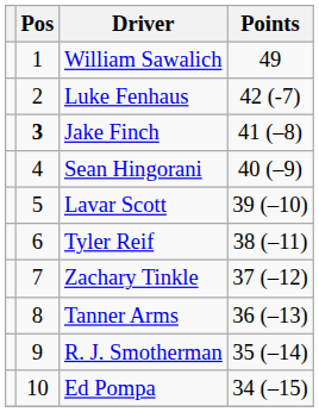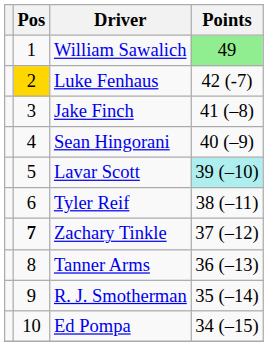 <table class="wikitable" style="font-size: 95%;">
 <tr>
 <th></th>
 <th>Pos</th>
 <th>Driver</th>
 <th>Points</th>
 </tr>
 <tr>
 <td align="left"></td>
 <td style="text-align:center;">1</td>
 <td><a href='#'>William Sawalich</a></td>
-<td style="text-align:center;">49</td>
+<td style="background: lightgreen; text-align:center;">49</td>
 </tr>
 <tr>
 <td align="left"></td>
-<td style="text-align:center;">2</td>
+<td style="background: gold; text-align:center;">2</td>
 <td><a href='#'>Luke Fenhaus</a></td>
 <td style="text-align:center;">42 (-7)</td>
 </tr>
 <tr>
 <td align="left"></td>
-<td style="text-align:center;"><strong>3</strong></td>
+<td style="text-align:center;">3</td>
 <td><a href='#'>Jake Finch</a></td>
 <td style="text-align:center;">41 (–8)</td>
 </tr>
 <tr>
 <td align="left"></td>
 <td style="text-align:center;">4</td>
 <td><a href='#'>Sean Hingorani</a></td>
 <td style="text-align:center;">40 (–9)</td>
 </tr>
 <tr>
 <td align="left"></td>
 <td style="text-align:center;">5</td>
 <td><a href='#'>Lavar Scott</a></td>
-<td style="text-align:center;">39 (–10)</td>
+<td style="background: paleturquoise; text-align:center;">39 (–10)</td>
 </tr>
 <tr>
 <td align="left"></td>
 <td style="text-align:center;">6</td>
 <td><a href='#'>Tyler Reif</a></td>
 <td style="text-align:center;">38 (–11)</td>
 </tr>
 <tr>
 <td align="left"></td>
-<td style="text-align:center;">7</td>
+<td style="text-align:center;"><strong>7</strong></td>
 <td><a href='#'>Zachary Tinkle</a></td>
 <td style="text-align:center;">37 (–12)</td>
 </tr>
 <tr>
 <td align="left"></td>
 <td style="text-align:center;">8</td>
 <td><a href='#'>Tanner Arms</a></td>
 <td style="text-align:center;">36 (–13)</td>
 </tr>
 <tr>
 <td align="left"></td>
 <td style="text-align:center;">9</td>
 <td><a href='#'>R. J. Smotherman</a></td>
 <td style="text-align:center;">35 (–14)</td>
 </tr>
 <tr>
 <td align="left"></td>
 <td style="text-align:center;">10</td>
 <td><a href='#'>Ed Pompa</a></td>
 <td style="text-align:center;">34 (–15)</td>
 </tr>
 <tr class="sortbottom">
 </tr>
 </table>
